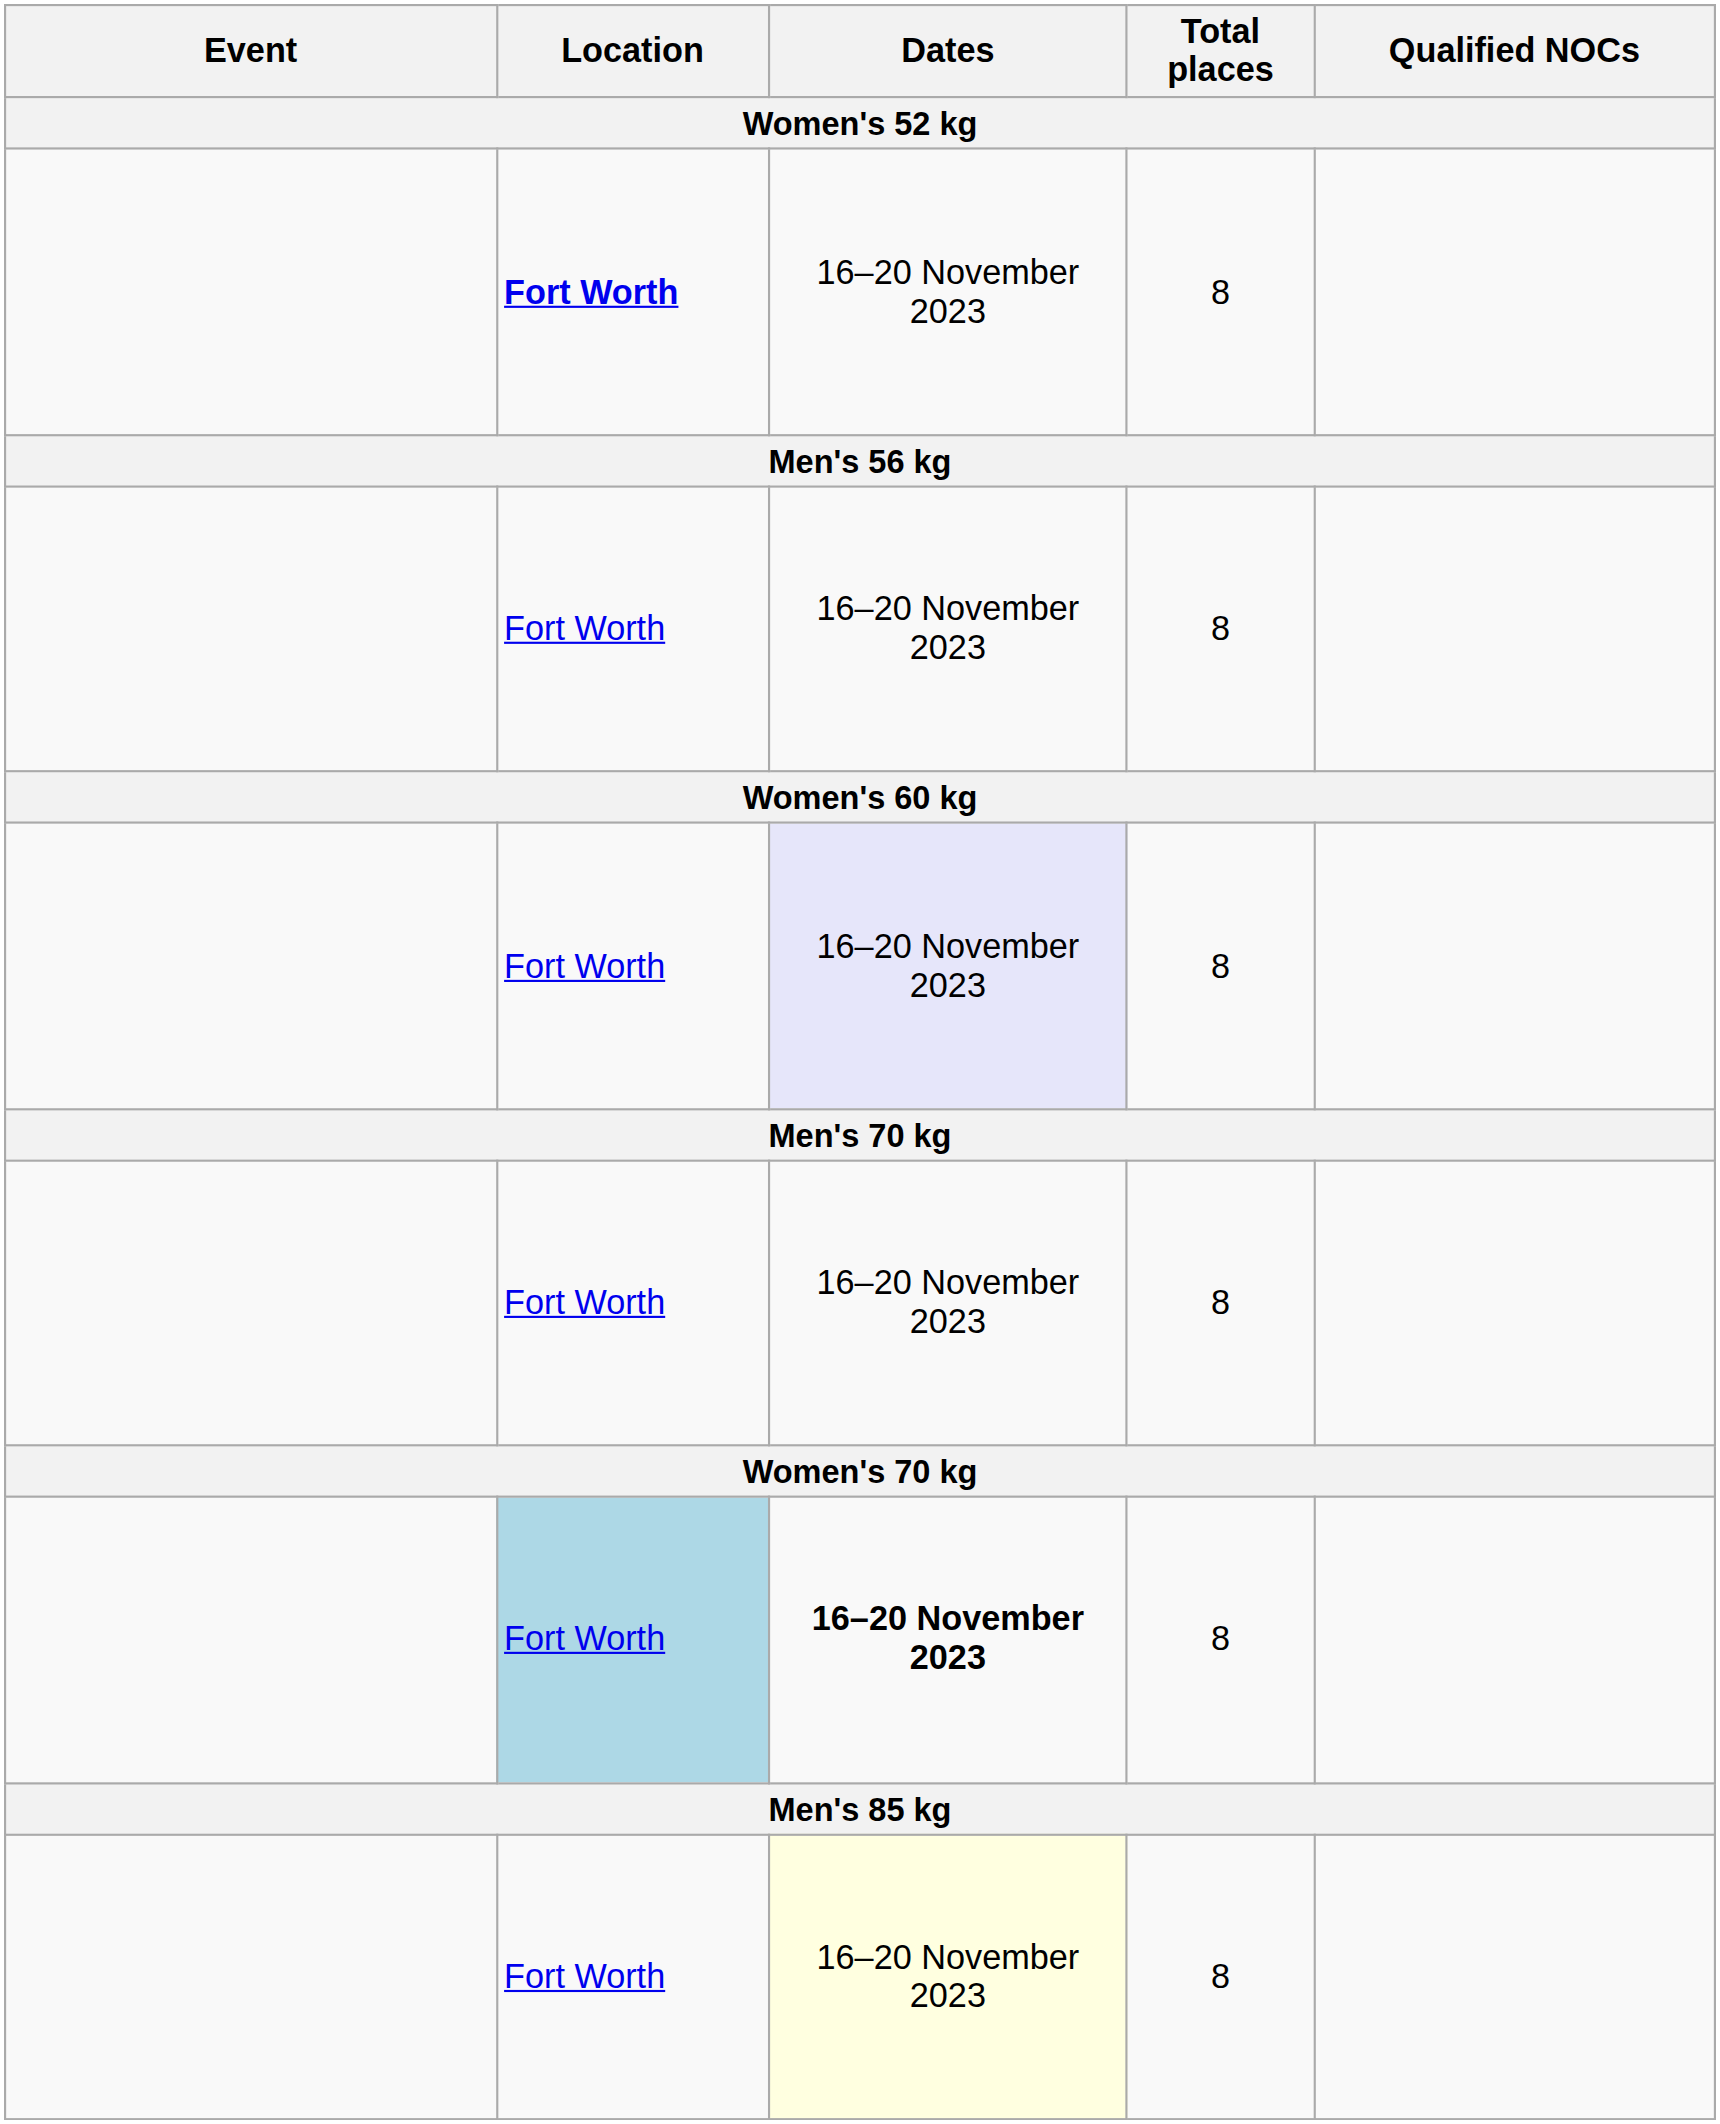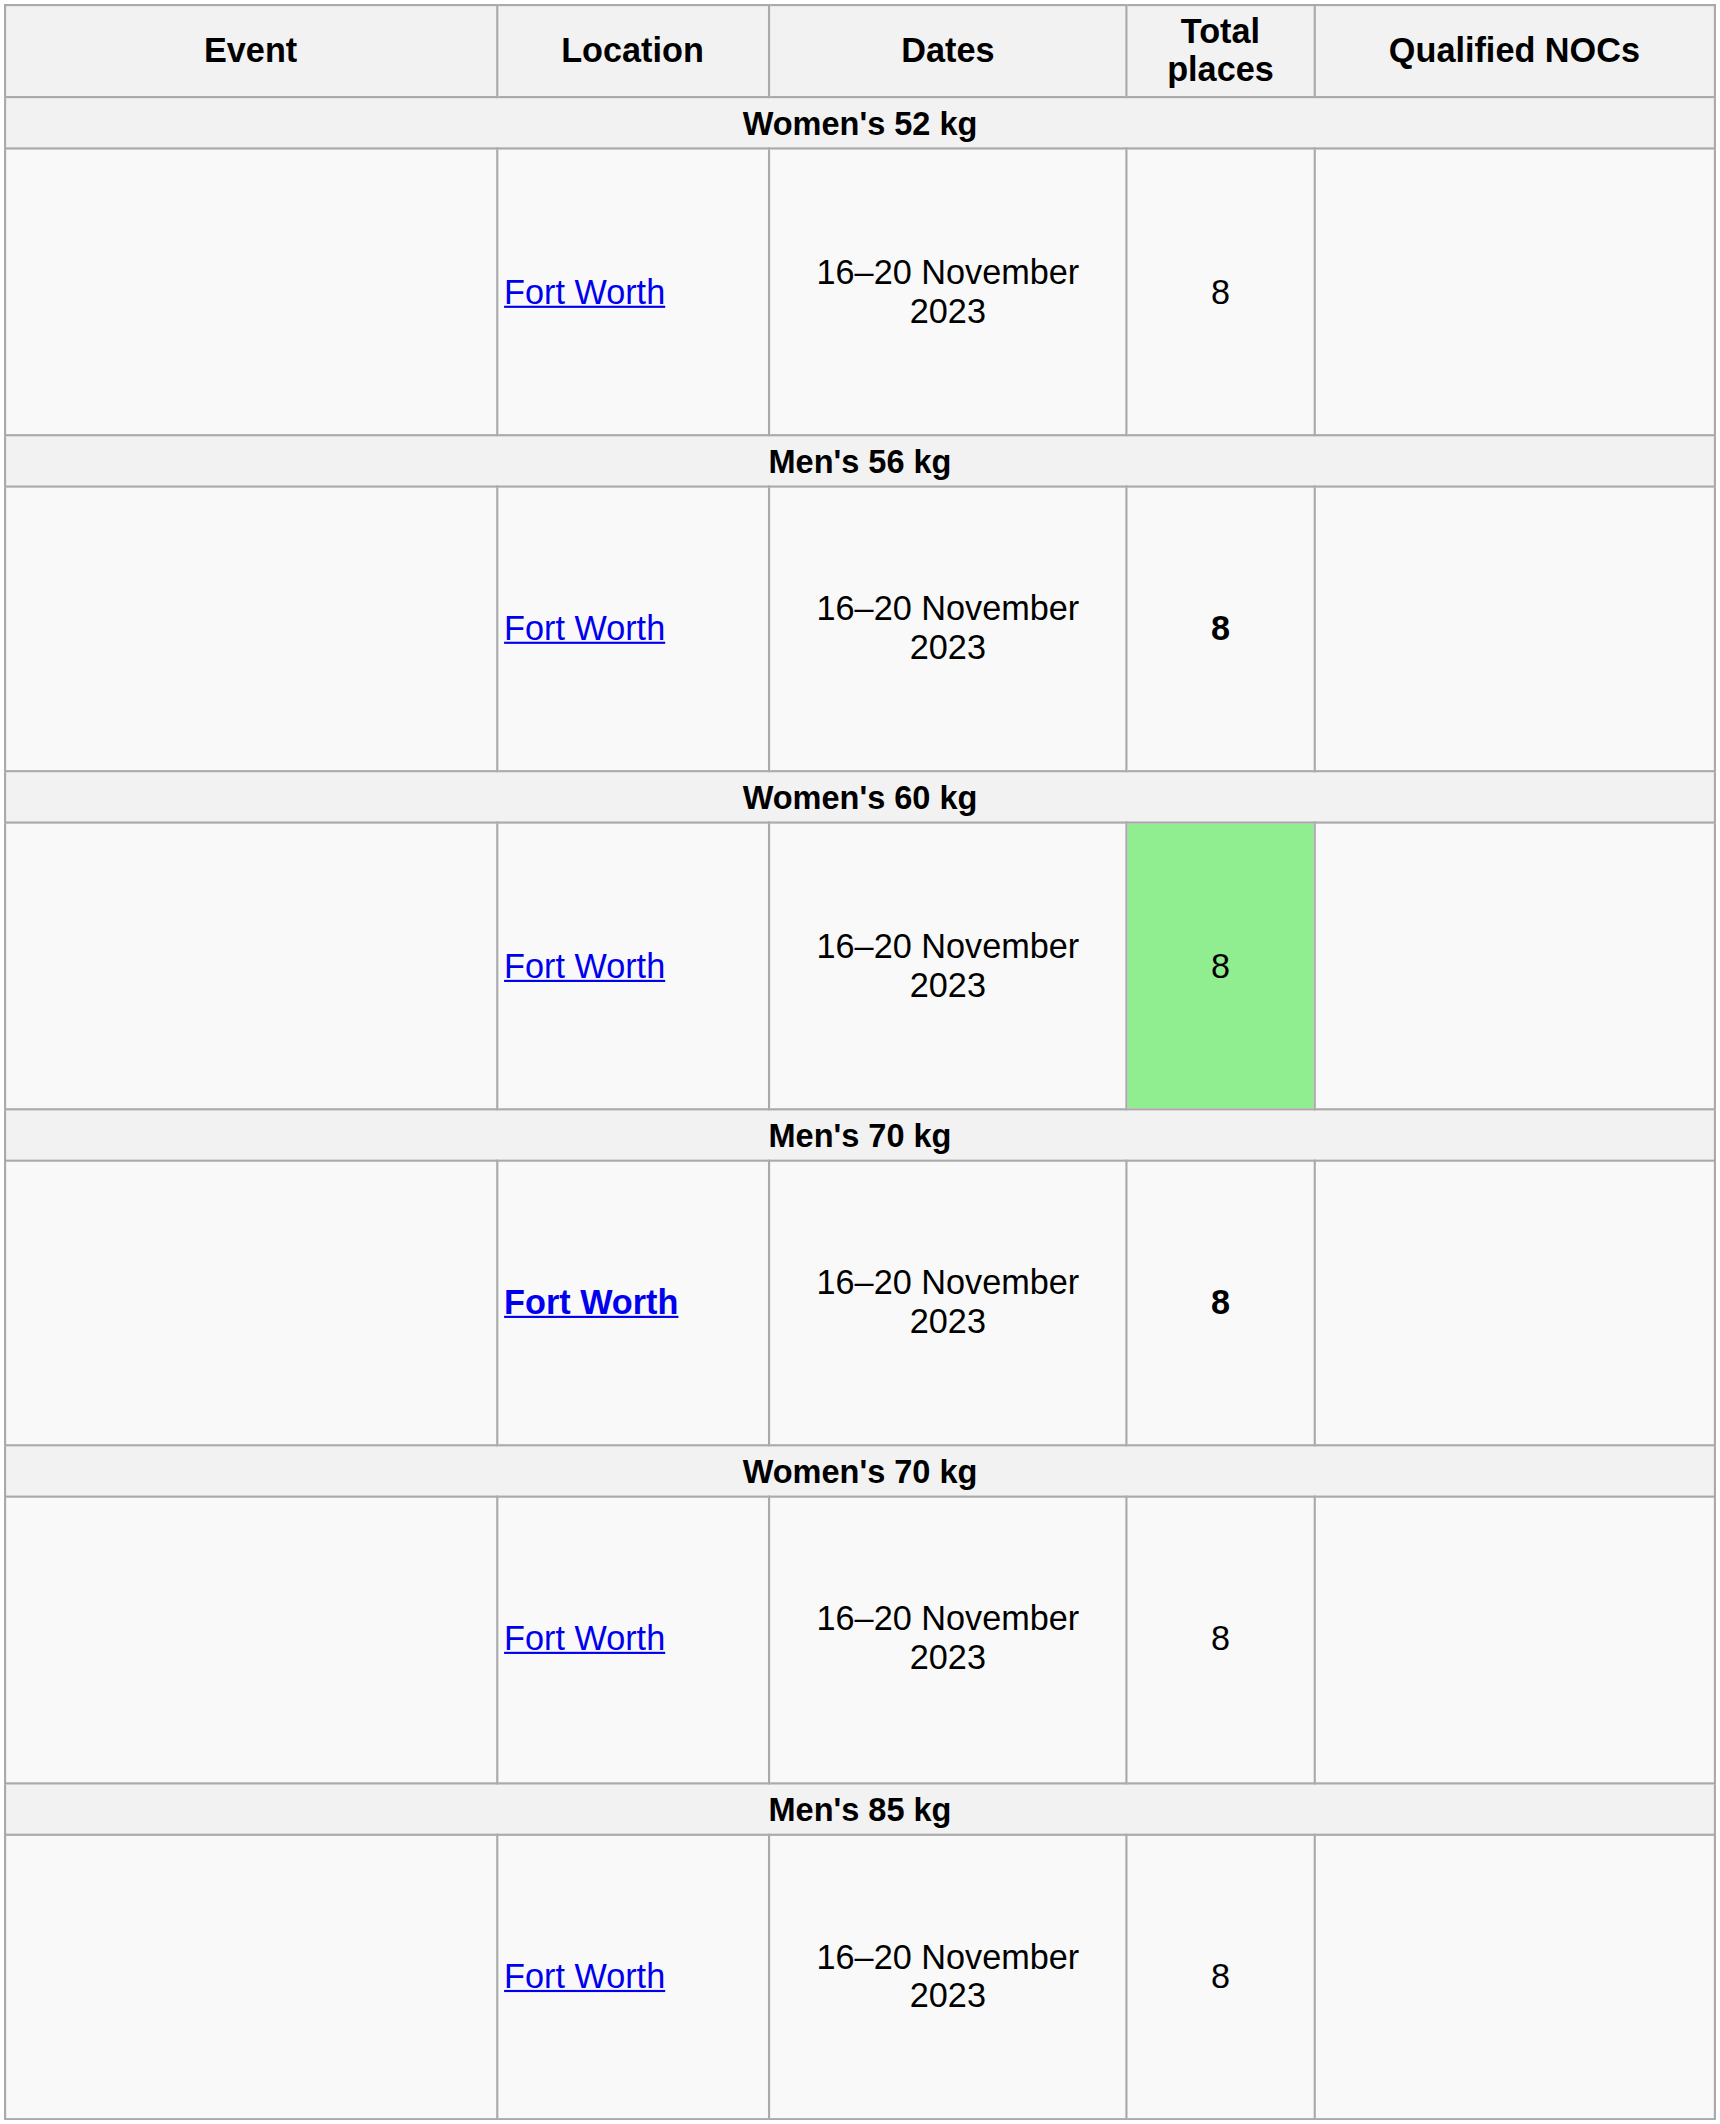 <table class="wikitable" width=800>
 <tr>
 <th>Event</th>
 <th width=120>Location</th>
 <th width=160>Dates</th>
 <th width=80>Total places</th>
 <th width=180>Qualified NOCs</th>
 </tr>
 <tr style="font-size:95%;">
 <th colspan=5>Women's 52 kg</th>
 </tr>
 <tr>
 <td></td>
-<td><strong> <a href='#'>Fort Worth</a></strong></td>
+<td> <a href='#'>Fort Worth</a></td>
 <td align="center">16–20 November 2023</td>
 <td align="center">8</td>
 <td><br><br><br><br><br><br><br></td>
 </tr>
 <tr style="font-size:95%;">
 <th colspan=5>Men's 56 kg</th>
 </tr>
 <tr>
 <td></td>
 <td> <a href='#'>Fort Worth</a></td>
 <td align="center">16–20 November 2023</td>
-<td align="center">8</td>
+<td align="center"><strong>8</strong></td>
 <td><br><br><br><br><br><br><br></td>
 </tr>
 <tr style="font-size:95%;">
 <th colspan=5>Women's 60 kg</th>
 </tr>
 <tr>
 <td></td>
 <td> <a href='#'>Fort Worth</a></td>
-<td align="center" style="background: lavender;">16–20 November 2023</td>
-<td align="center">8</td>
+<td align="center">16–20 November 2023</td>
+<td align="center" style="background: lightgreen;">8</td>
 <td><br><br><br><br><br><br><br></td>
 </tr>
 <tr style="font-size:95%;">
 <th colspan=5>Men's 70 kg</th>
+</tr>
+<tr>
+<td></td>
+<td><strong> <a href='#'>Fort Worth</a></strong></td>
+<td align="center">16–20 November 2023</td>
+<td align="center"><strong>8</strong></td>
+<td><br><br><br><br><br><br><br></td>
+</tr>
+<tr style="font-size:95%;">
+<th colspan=5>Women's 70 kg</th>
 </tr>
 <tr>
 <td></td>
 <td> <a href='#'>Fort Worth</a></td>
 <td align="center">16–20 November 2023</td>
 <td align="center">8</td>
 <td><br><br><br><br><br><br><br></td>
 </tr>
 <tr style="font-size:95%;">
-<th colspan=5>Women's 70 kg</th>
-</tr>
-<tr>
-<td></td>
-<td style="background: lightblue;"> <a href='#'>Fort Worth</a></td>
-<td align="center"><strong>16–20 November 2023</strong></td>
-<td align="center">8</td>
-<td><br><br><br><br><br><br><br></td>
-</tr>
-<tr style="font-size:95%;">
 <th colspan=5>Men's 85 kg</th>
 </tr>
 <tr>
 <td></td>
 <td> <a href='#'>Fort Worth</a></td>
-<td align="center" style="background: lightyellow;">16–20 November 2023</td>
+<td align="center">16–20 November 2023</td>
 <td align="center">8</td>
 <td><br><br><br><br><br><br><br></td>
 </tr>
 <tr>
 </tr>
 </table>
